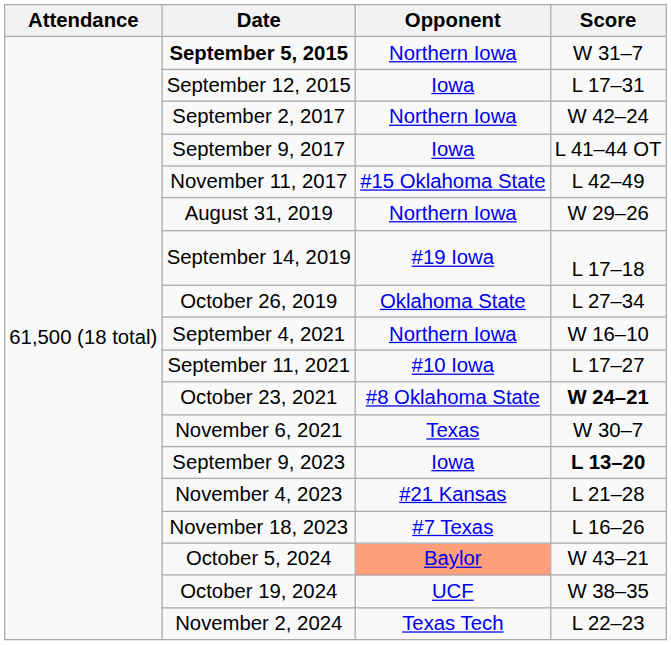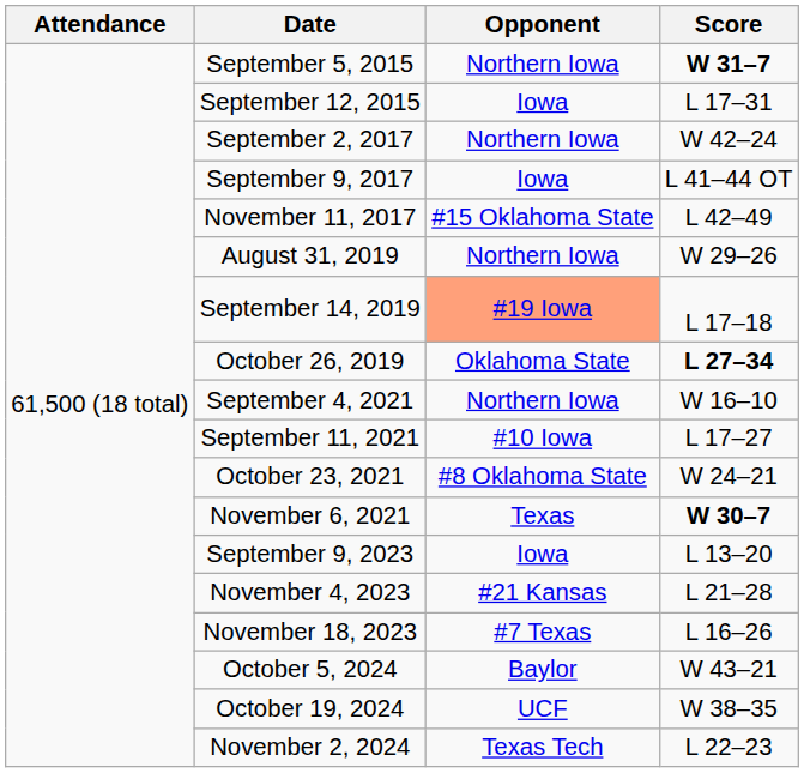 <table class="wikitable" style="text-align: center">
 <tr align=center>
 <th>Attendance</th>
 <th>Date</th>
 <th>Opponent</th>
 <th>Score</th>
 </tr>
 <tr>
 <td rowspan="18">61,500 (18 total)</td>
-<td><strong>September 5, 2015</strong></td>
+<td>September 5, 2015</td>
 <td><a href='#'>Northern Iowa</a></td>
-<td>W 31–7</td>
+<td><strong>W 31–7</strong></td>
 </tr>
 <tr>
 <td>September 12, 2015</td>
 <td><a href='#'>Iowa</a></td>
 <td>L 17–31</td>
 </tr>
 <tr>
 <td>September 2, 2017</td>
 <td><a href='#'>Northern Iowa</a></td>
 <td>W 42–24</td>
 </tr>
 <tr>
 <td>September 9, 2017</td>
 <td><a href='#'>Iowa</a></td>
 <td>L 41–44 OT</td>
 </tr>
 <tr>
 <td>November 11, 2017</td>
 <td><a href='#'>#15 Oklahoma State</a></td>
 <td>L 42–49</td>
 </tr>
 <tr>
 <td>August 31, 2019</td>
 <td><a href='#'>Northern Iowa</a></td>
 <td>W 29–26</td>
 </tr>
 <tr>
 <td>September 14, 2019</td>
-<td><a href='#'>#19 Iowa</a></td>
+<td style="background: lightsalmon;"><a href='#'>#19 Iowa</a></td>
 <td><br>L 17–18</td>
 </tr>
 <tr>
 <td>October 26, 2019</td>
 <td><a href='#'>Oklahoma State</a></td>
-<td>L 27–34</td>
+<td><strong>L 27–34</strong></td>
 </tr>
 <tr>
 <td>September 4, 2021</td>
 <td><a href='#'>Northern Iowa</a></td>
 <td>W 16–10</td>
 </tr>
 <tr>
 <td>September 11, 2021</td>
 <td><a href='#'>#10 Iowa</a></td>
 <td>L 17–27</td>
 </tr>
 <tr>
 <td>October 23, 2021</td>
 <td><a href='#'>#8 Oklahoma State</a></td>
-<td><strong>W 24–21</strong></td>
+<td>W 24–21</td>
 </tr>
 <tr>
 <td>November 6, 2021</td>
 <td><a href='#'>Texas</a></td>
-<td>W 30–7</td>
+<td><strong>W 30–7</strong></td>
 </tr>
 <tr>
 <td>September 9, 2023</td>
 <td><a href='#'>Iowa</a></td>
-<td><strong>L 13–20</strong></td>
+<td>L 13–20</td>
 </tr>
 <tr>
 <td>November 4, 2023</td>
 <td><a href='#'>#21 Kansas</a></td>
 <td>L 21–28</td>
 </tr>
 <tr>
 <td>November 18, 2023</td>
 <td><a href='#'>#7 Texas</a></td>
 <td>L 16–26</td>
 </tr>
 <tr>
 <td>October 5, 2024</td>
-<td style="background: lightsalmon;"><a href='#'>Baylor</a></td>
+<td><a href='#'>Baylor</a></td>
 <td>W 43–21</td>
 </tr>
 <tr>
 <td>October 19, 2024</td>
 <td><a href='#'>UCF</a></td>
 <td>W 38–35</td>
 </tr>
 <tr>
 <td>November 2, 2024</td>
 <td><a href='#'>Texas Tech</a></td>
 <td>L 22–23</td>
 </tr>
 </table>
